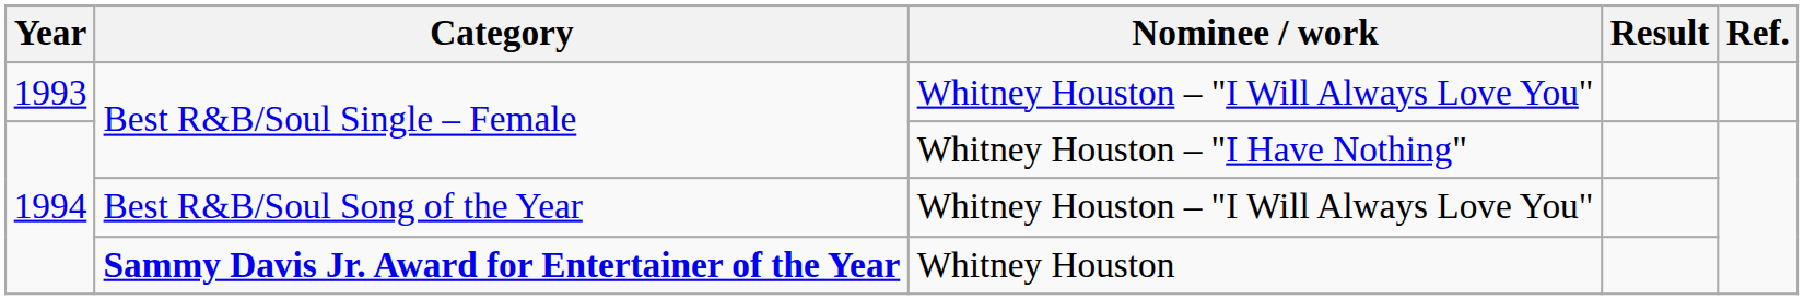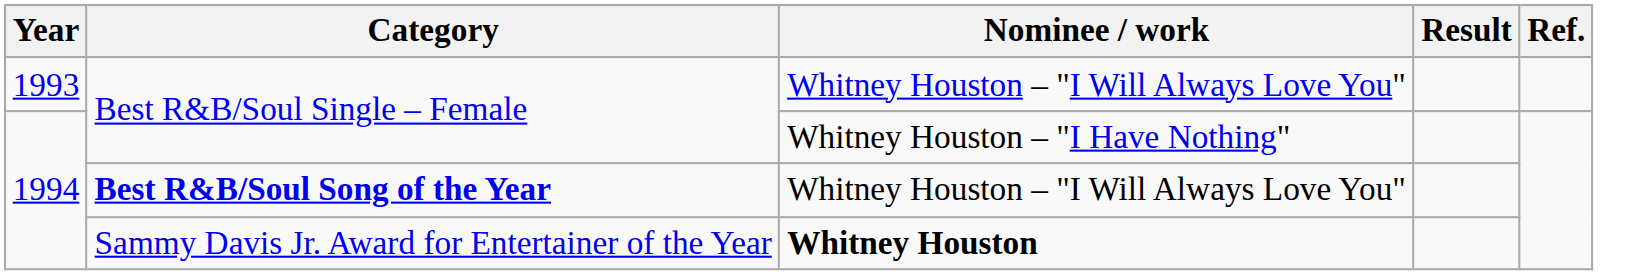 <table class="wikitable">
 <tr>
 <th>Year</th>
 <th>Category</th>
 <th>Nominee / work</th>
 <th>Result</th>
 <th>Ref.</th>
 </tr>
 <tr>
 <td><a href='#'>1993</a></td>
 <td rowspan="2"><a href='#'>Best R&B/Soul Single – Female</a></td>
 <td><a href='#'>Whitney Houston</a> – "<a href='#'>I Will Always Love You</a>"</td>
 <td></td>
 <td align="center"></td>
 </tr>
 <tr>
 <td rowspan="3"><a href='#'>1994</a></td>
 <td>Whitney Houston – "<a href='#'>I Have Nothing</a>"</td>
 <td></td>
 <td rowspan="3" align="center"> <br> </td>
 </tr>
 <tr>
-<td><a href='#'>Best R&B/Soul Song of the Year</a></td>
+<td><strong><a href='#'>Best R&B/Soul Song of the Year</a></strong></td>
 <td>Whitney Houston – "I Will Always Love You"</td>
 <td></td>
 </tr>
 <tr>
-<td><strong><a href='#'>Sammy Davis Jr. Award for Entertainer of the Year</a></strong></td>
-<td>Whitney Houston</td>
+<td><a href='#'>Sammy Davis Jr. Award for Entertainer of the Year</a></td>
+<td><strong>Whitney Houston</strong></td>
 <td></td>
 </tr>
 </table>
